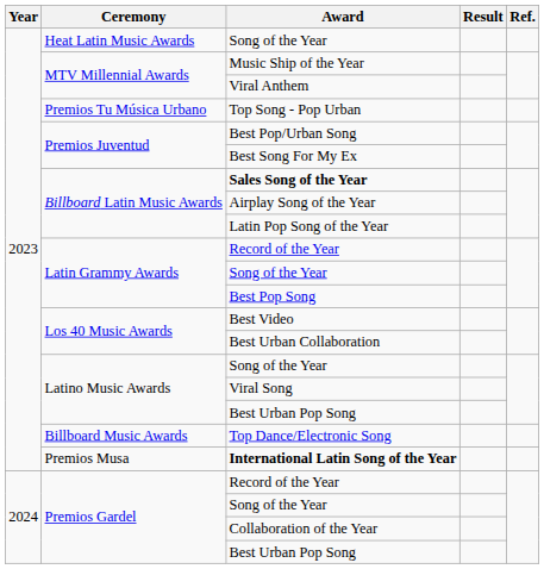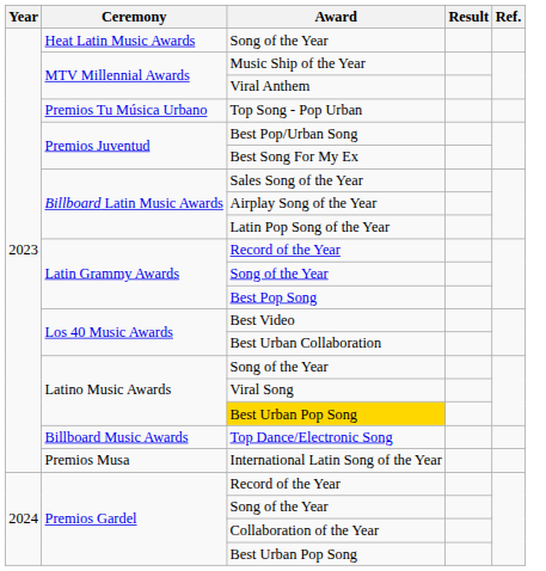 <table class="wikitable plainrowheaders">
 <tr>
 <th scope="col">Year</th>
 <th scope="col">Ceremony</th>
 <th scope="col">Award</th>
 <th scope="col">Result</th>
 <th scope="col">Ref.</th>
 </tr>
 <tr>
 <td rowspan="19" scope="row">2023</td>
 <td rowspan="1" scope="row"><a href='#'>Heat Latin Music Awards</a></td>
 <td>Song of the Year</td>
 <td></td>
 <td rowspan="1"></td>
 </tr>
 <tr>
 <td rowspan="2" scope="row"><a href='#'>MTV Millennial Awards</a></td>
 <td>Music Ship of the Year</td>
 <td></td>
 <td rowspan="2"></td>
 </tr>
 <tr>
 <td>Viral Anthem</td>
 <td></td>
 </tr>
 <tr>
 <td rowspan="1" scope="row"><a href='#'>Premios Tu Música Urbano</a></td>
 <td>Top Song - Pop Urban</td>
 <td></td>
 <td rowspan="1"></td>
 </tr>
 <tr>
 <td rowspan="2" scope="row"><a href='#'>Premios Juventud</a></td>
 <td>Best Pop/Urban Song</td>
 <td></td>
 <td rowspan="2"></td>
 </tr>
 <tr>
 <td>Best Song For My Ex</td>
 <td></td>
 </tr>
 <tr>
 <td rowspan="3" scope="row"><a href='#'><em>Billboard</em> Latin Music Awards</a></td>
-<td><strong>Sales Song of the Year</strong></td>
+<td>Sales Song of the Year</td>
 <td></td>
 <td rowspan="3"></td>
 </tr>
 <tr>
 <td>Airplay Song of the Year</td>
 <td></td>
 </tr>
 <tr>
 <td>Latin Pop Song of the Year</td>
 <td></td>
 </tr>
 <tr>
 <td rowspan="3"><a href='#'>Latin Grammy Awards</a></td>
 <td><a href='#'>Record of the Year</a></td>
 <td></td>
 <td rowspan="3"></td>
 </tr>
 <tr>
 <td><a href='#'>Song of the Year</a></td>
 <td></td>
 </tr>
 <tr>
 <td><a href='#'>Best Pop Song</a></td>
 <td></td>
 </tr>
 <tr>
 <td rowspan="2" scope="row"><a href='#'>Los 40 Music Awards</a></td>
 <td>Best Video</td>
 <td></td>
 <td rowspan="2"></td>
 </tr>
 <tr>
 <td>Best Urban Collaboration</td>
 <td></td>
 </tr>
 <tr>
 <td rowspan="3" scope="row">Latino Music Awards</td>
 <td>Song of the Year</td>
 <td></td>
 <td rowspan="3"></td>
 </tr>
 <tr>
 <td>Viral Song</td>
 <td></td>
 </tr>
 <tr>
-<td>Best Urban Pop Song</td>
+<td style="background: gold;">Best Urban Pop Song</td>
 <td></td>
 </tr>
 <tr>
 <td><a href='#'>Billboard Music Awards</a></td>
 <td><a href='#'>Top Dance/Electronic Song</a></td>
 <td></td>
 <td></td>
 </tr>
 <tr>
 <td>Premios Musa</td>
-<td><strong>International Latin Song of the Year</strong></td>
+<td>International Latin Song of the Year</td>
 <td></td>
 <td></td>
 </tr>
 <tr>
 <td rowspan="4">2024</td>
 <td rowspan="4"><a href='#'>Premios Gardel</a></td>
 <td>Record of the Year</td>
 <td></td>
 <td rowspan="4"><br></td>
 </tr>
 <tr>
 <td>Song of the Year</td>
 <td></td>
 </tr>
 <tr>
 <td>Collaboration of the Year</td>
 <td></td>
 </tr>
 <tr>
 <td>Best Urban Pop Song</td>
 <td></td>
 </tr>
 </table>
